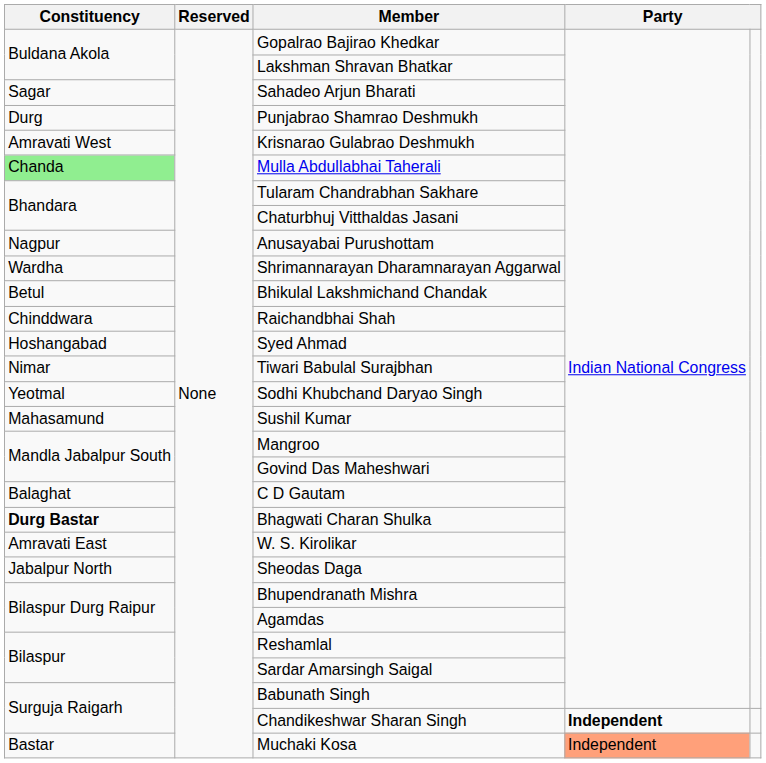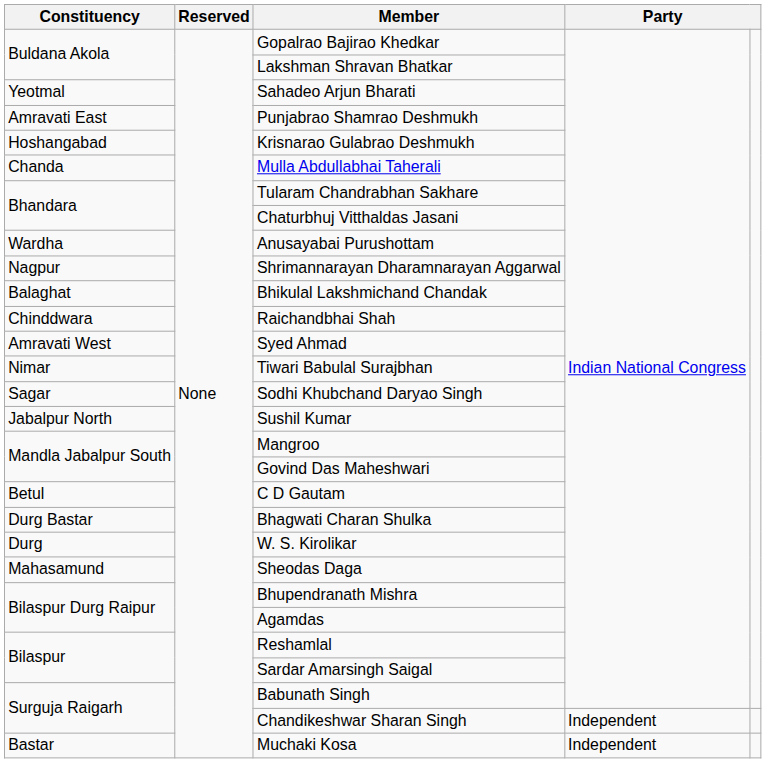 <table class="wikitable">
 <tr>
 <th>Constituency</th>
 <th>Reserved</th>
 <th>Member</th>
 <th colspan=2>Party</th>
 </tr>
 <tr>
 <td rowspan=2>Buldana Akola</td>
 <td rowspan=29>None</td>
 <td>Gopalrao Bajirao Khedkar</td>
 <td rowspan=27><a href='#'>Indian National Congress</a></td>
 <td rowspan=27 width="4px" style="background-color: "></td>
 </tr>
 <tr>
 <td>Lakshman Shravan Bhatkar</td>
 </tr>
 <tr>
-<td>Sagar</td>
+<td>Yeotmal</td>
 <td>Sahadeo Arjun Bharati</td>
 </tr>
 <tr>
-<td>Durg</td>
+<td>Amravati East</td>
 <td>Punjabrao Shamrao Deshmukh</td>
 </tr>
 <tr>
-<td>Amravati West</td>
+<td>Hoshangabad</td>
 <td>Krisnarao Gulabrao Deshmukh</td>
 </tr>
 <tr>
-<td style="background: lightgreen;">Chanda</td>
+<td>Chanda</td>
 <td><a href='#'>Mulla Abdullabhai Taherali</a></td>
 </tr>
 <tr>
 <td rowspan=2>Bhandara</td>
 <td>Tularam Chandrabhan Sakhare</td>
 </tr>
 <tr>
 <td>Chaturbhuj Vitthaldas Jasani</td>
 </tr>
 <tr>
-<td>Nagpur</td>
+<td>Wardha</td>
 <td>Anusayabai Purushottam</td>
 </tr>
 <tr>
-<td>Wardha</td>
+<td>Nagpur</td>
 <td>Shrimannarayan Dharamnarayan Aggarwal</td>
 </tr>
 <tr>
-<td>Betul</td>
+<td>Balaghat</td>
 <td>Bhikulal Lakshmichand Chandak</td>
 </tr>
 <tr>
 <td>Chinddwara</td>
 <td>Raichandbhai Shah</td>
 </tr>
 <tr>
-<td>Hoshangabad</td>
+<td>Amravati West</td>
 <td>Syed Ahmad</td>
 </tr>
 <tr>
 <td>Nimar</td>
 <td>Tiwari Babulal Surajbhan</td>
 </tr>
 <tr>
-<td>Yeotmal</td>
+<td>Sagar</td>
 <td>Sodhi Khubchand Daryao Singh</td>
 </tr>
 <tr>
-<td>Mahasamund</td>
+<td>Jabalpur North</td>
 <td>Sushil Kumar</td>
 </tr>
 <tr>
 <td rowspan=2>Mandla Jabalpur South</td>
 <td>Mangroo</td>
 </tr>
 <tr>
 <td>Govind Das Maheshwari</td>
 </tr>
 <tr>
-<td>Balaghat</td>
+<td>Betul</td>
 <td>C D Gautam</td>
 </tr>
 <tr>
-<td><strong>Durg Bastar</strong></td>
+<td>Durg Bastar</td>
 <td>Bhagwati Charan Shulka</td>
 </tr>
 <tr>
-<td>Amravati East</td>
+<td>Durg</td>
 <td>W. S. Kirolikar</td>
 </tr>
 <tr>
-<td>Jabalpur North</td>
+<td>Mahasamund</td>
 <td>Sheodas Daga</td>
 </tr>
 <tr>
 <td rowspan=2>Bilaspur Durg Raipur</td>
 <td>Bhupendranath Mishra</td>
 </tr>
 <tr>
 <td>Agamdas</td>
 </tr>
 <tr>
 <td rowspan=2>Bilaspur</td>
 <td>Reshamlal</td>
 </tr>
 <tr>
 <td>Sardar Amarsingh Saigal</td>
 </tr>
 <tr>
 <td rowspan=2>Surguja Raigarh</td>
 <td>Babunath Singh</td>
 </tr>
 <tr>
 <td>Chandikeshwar Sharan Singh</td>
-<td><strong>Independent</strong></td>
+<td>Independent</td>
 <td></td>
 </tr>
 <tr>
 <td>Bastar</td>
 <td>Muchaki Kosa</td>
-<td style="background: lightsalmon;">Independent</td>
+<td>Independent</td>
 <td></td>
 </tr>
 </table>
